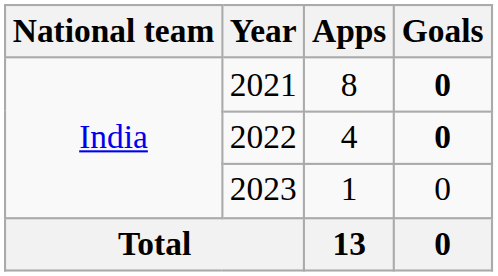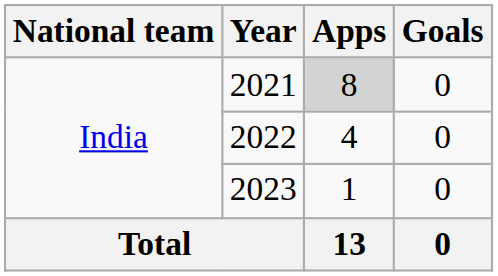 <table class="wikitable" style="text-align: center;">
 <tr>
 <th>National team</th>
 <th>Year</th>
 <th>Apps</th>
 <th>Goals</th>
 </tr>
 <tr>
 <td rowspan="3"><a href='#'>India</a></td>
 <td>2021</td>
-<td>8</td>
-<td><strong>0</strong></td>
+<td style="background: lightgrey;">8</td>
+<td>0</td>
 </tr>
 <tr>
 <td>2022</td>
 <td>4</td>
-<td><strong>0</strong></td>
+<td>0</td>
 </tr>
 <tr>
 <td>2023</td>
 <td>1</td>
 <td>0</td>
 </tr>
 <tr>
 <th colspan="2">Total</th>
 <th>13</th>
 <th>0</th>
 </tr>
 </table>
